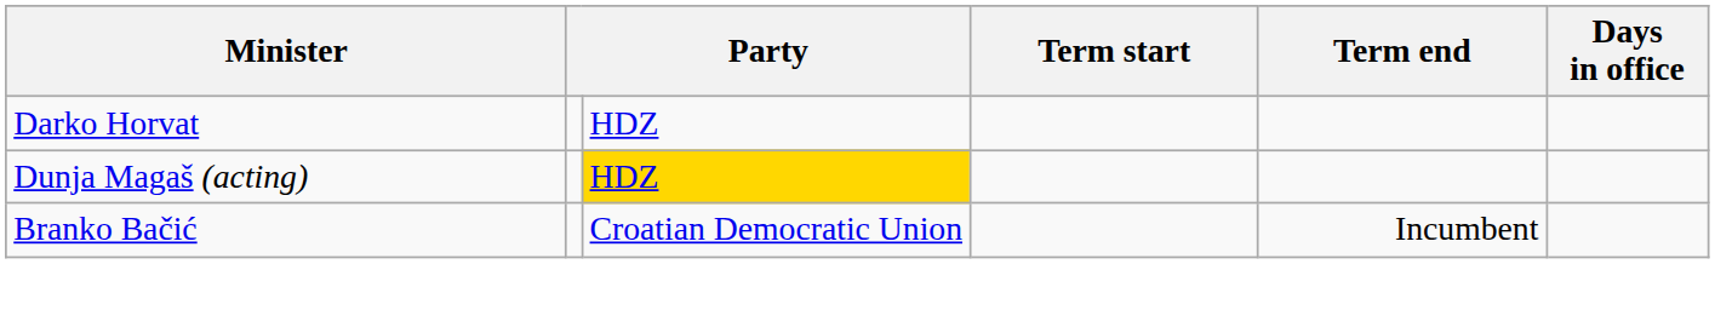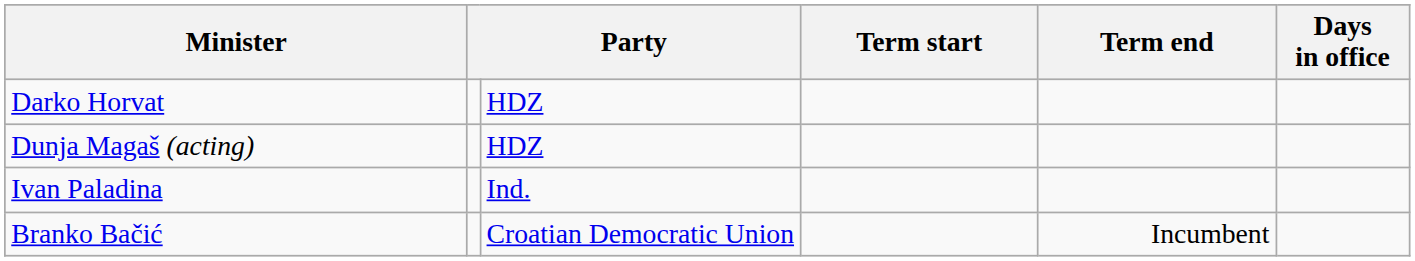 <table class="wikitable" style="text-align: left;">
 <tr>
 <th width="260">Minister</th>
 <th colspan=2 width="80">Party</th>
 <th width="130">Term start</th>
 <th width="130">Term end</th>
 <th width=70>Days<br> in office</th>
 </tr>
 <tr>
 <td><a href='#'>Darko Horvat</a></td>
 <td style="background-color: "></td>
 <td><a href='#'>HDZ</a></td>
 <td align=right></td>
 <td align=right></td>
 <td align=right></td>
 </tr>
 <tr>
 <td><a href='#'>Dunja Magaš</a> <em>(acting)</em></td>
 <td style="background-color: "></td>
-<td style="background: gold;"><a href='#'>HDZ</a></td>
+<td><a href='#'>HDZ</a></td>
+<td align=right></td>
+<td align=right></td>
+<td align=right></td>
+</tr>
+<tr>
+<td><a href='#'>Ivan Paladina</a></td>
+<td style="background-color: "></td>
+<td><a href='#'>Ind.</a></td>
 <td align=right></td>
 <td align=right></td>
 <td align=right></td>
 </tr>
 <tr>
 <td><a href='#'>Branko Bačić</a></td>
 <td style="background-color: "></td>
 <td><a href='#'>Croatian Democratic Union</a></td>
 <td align=right></td>
 <td align=right>Incumbent</td>
 <td align=right></td>
 </tr>
 </table>
